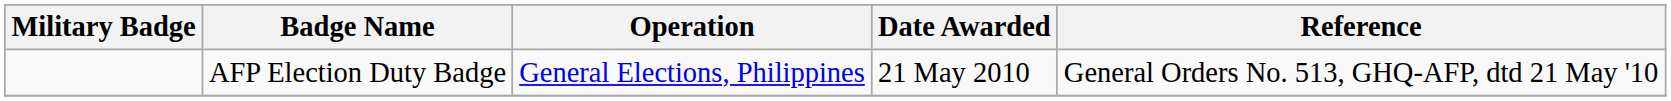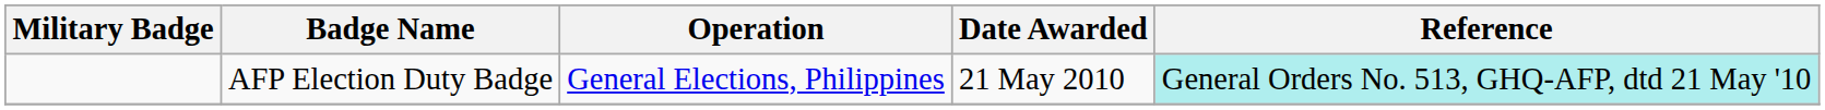 <table class="wikitable">
 <tr>
 <th>Military Badge</th>
 <th>Badge Name</th>
 <th>Operation</th>
 <th>Date Awarded</th>
 <th>Reference</th>
 </tr>
 <tr>
 <td></td>
 <td>AFP Election Duty Badge</td>
 <td><a href='#'>General Elections, Philippines</a></td>
 <td>21 May 2010</td>
-<td>General Orders No. 513, GHQ-AFP, dtd 21 May '10</td>
+<td style="background: paleturquoise;">General Orders No. 513, GHQ-AFP, dtd 21 May '10</td>
 </tr>
 <tr>
 </tr>
 </table>
